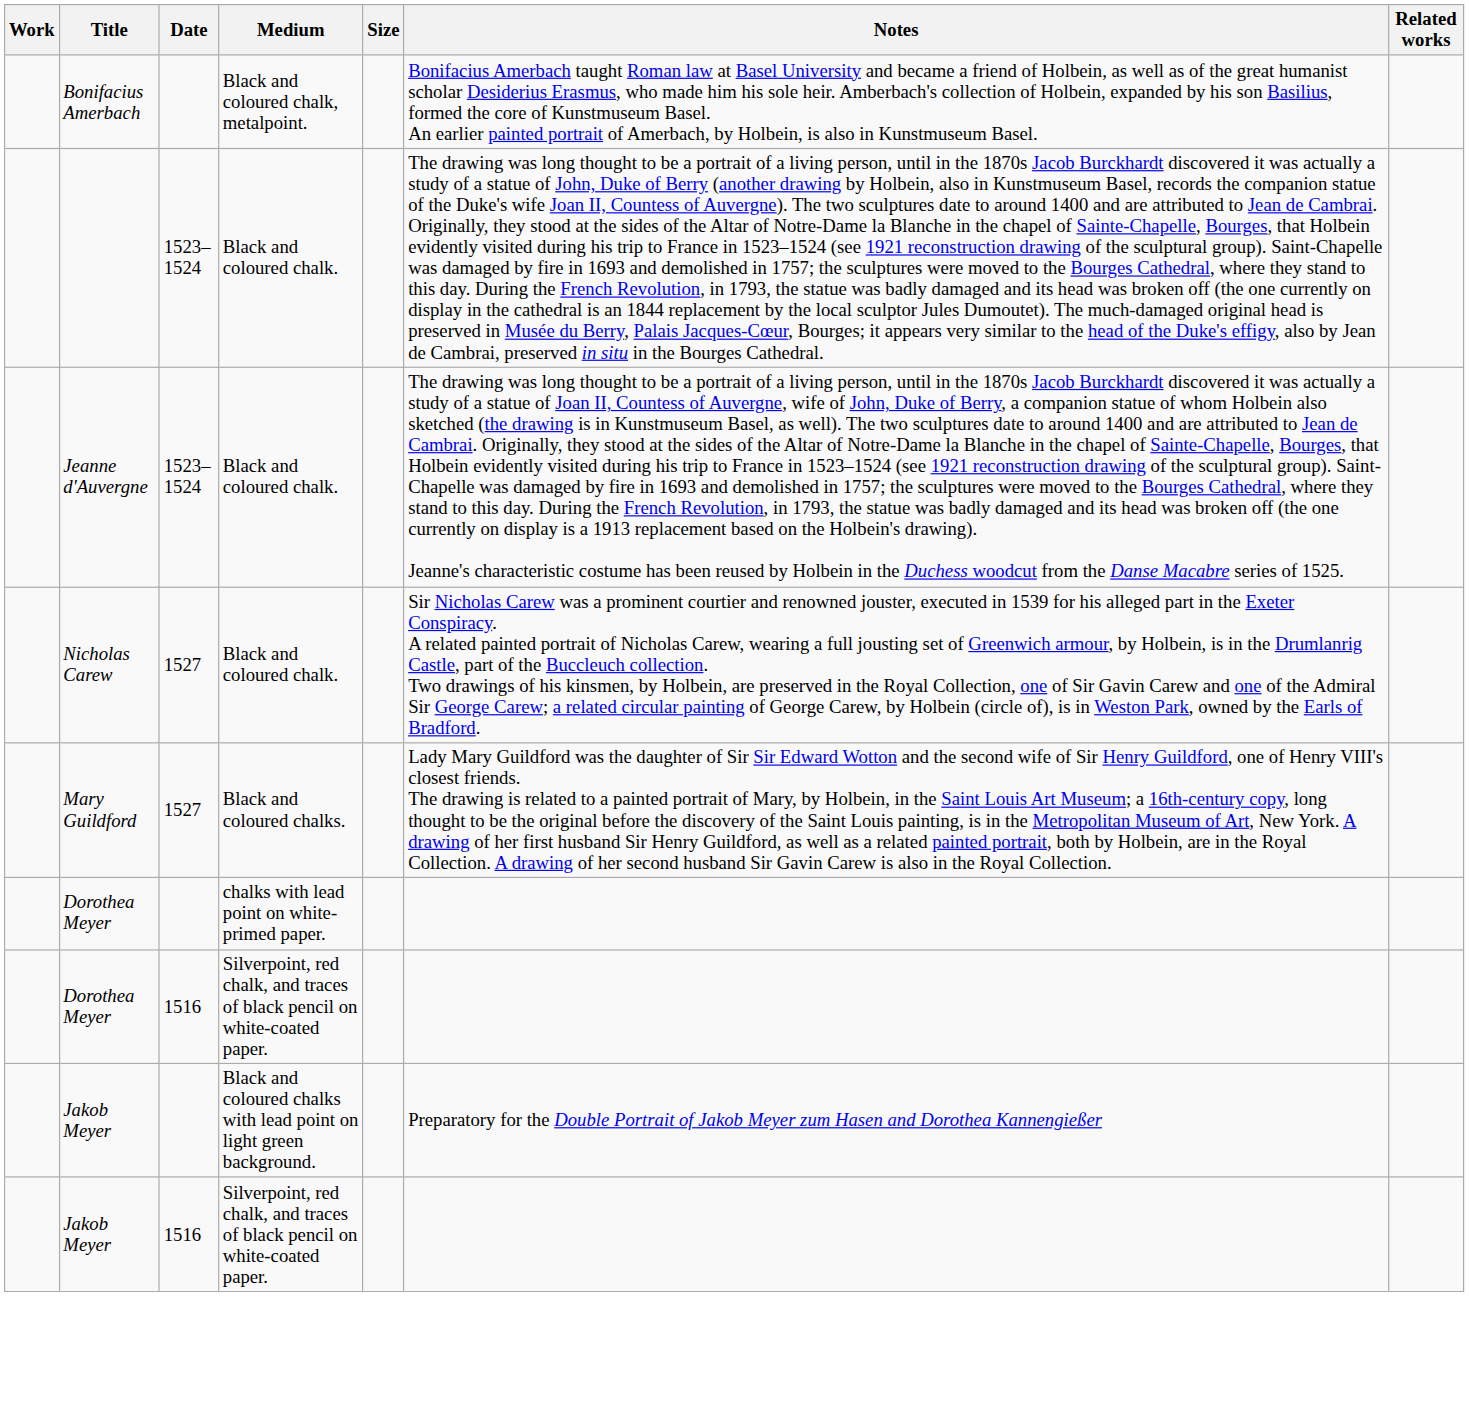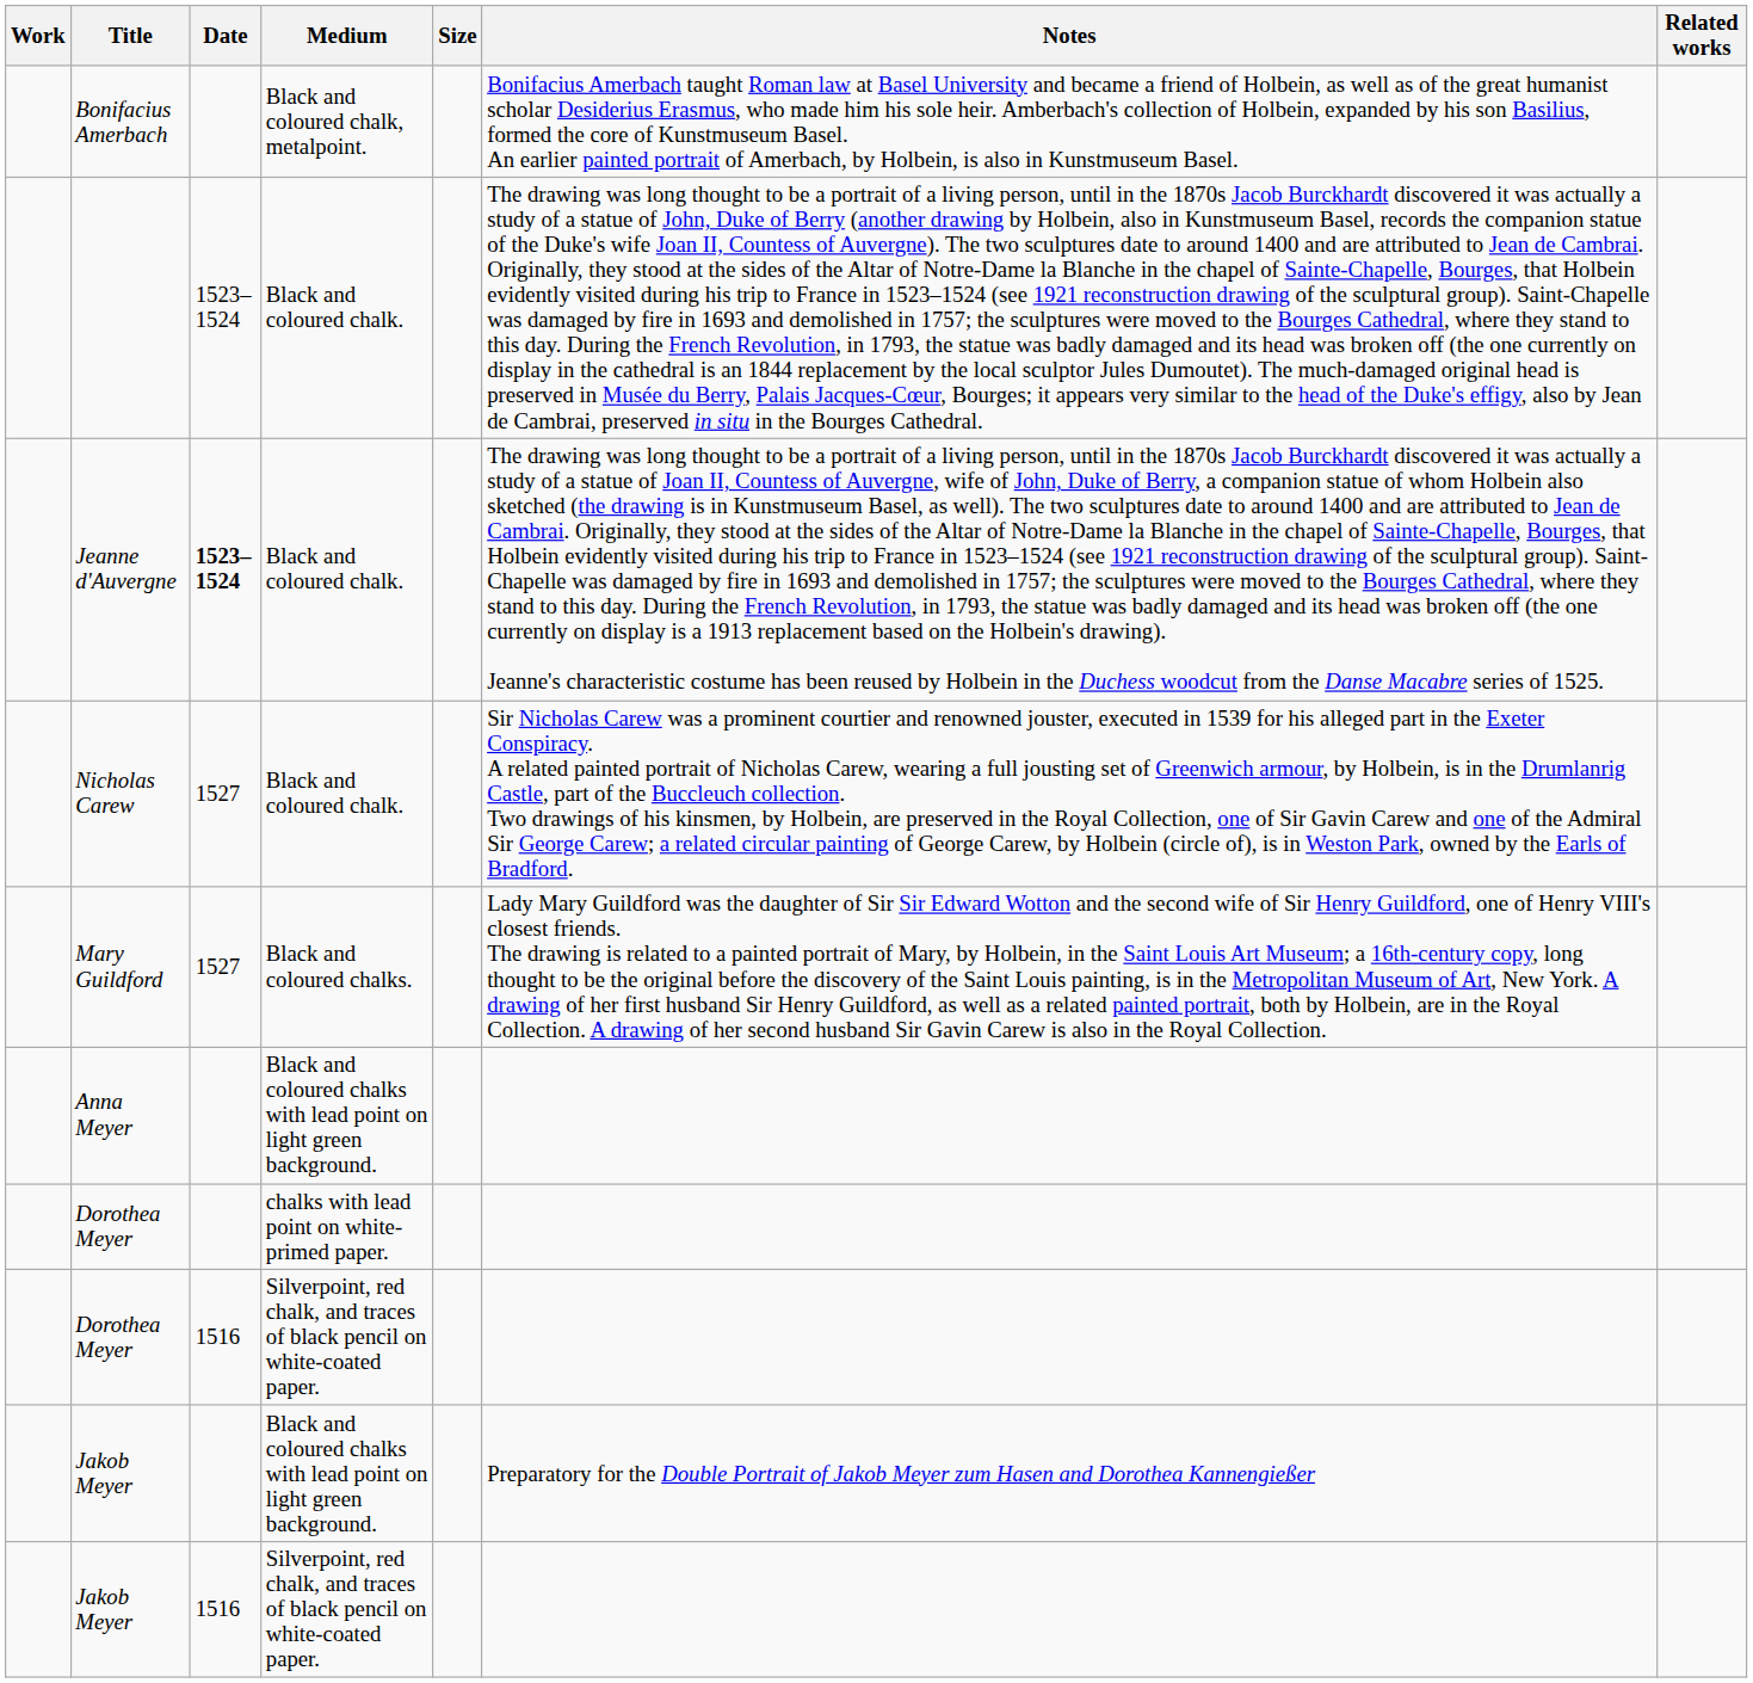 <table class="wikitable" border="1">
 <tr>
 <th>Work</th>
 <th>Title</th>
 <th>Date</th>
 <th>Medium</th>
 <th>Size</th>
 <th>Notes</th>
 <th>Related works</th>
 </tr>
 <tr>
 <td></td>
 <td><em>Bonifacius Amerbach</em></td>
 <td></td>
 <td>Black and coloured chalk, metalpoint.</td>
 <td></td>
 <td><a href='#'>Bonifacius Amerbach</a> taught <a href='#'>Roman law</a> at <a href='#'>Basel University</a> and became a friend of Holbein, as well as of the great humanist scholar <a href='#'>Desiderius Erasmus</a>, who made him his sole heir. Amberbach's collection of Holbein, expanded by his son <a href='#'>Basilius</a>, formed the core of Kunstmuseum Basel.<br>An earlier <a href='#'>painted portrait</a> of Amerbach, by Holbein, is also in Kunstmuseum Basel.</td>
 <td></td>
 </tr>
 <tr>
 <td></td>
 <td></td>
 <td>1523–1524</td>
 <td>Black and coloured chalk.</td>
 <td></td>
 <td>The drawing was long thought to be a portrait of a living person, until in the 1870s <a href='#'>Jacob Burckhardt</a> discovered it was actually a study of a statue of <a href='#'>John, Duke of Berry</a> (<a href='#'>another drawing</a> by Holbein, also in Kunstmuseum Basel, records the companion statue of the Duke's wife <a href='#'>Joan II, Countess of Auvergne</a>). The two sculptures date to around 1400 and are attributed to <a href='#'>Jean de Cambrai</a>. Originally, they stood at the sides of the Altar of Notre-Dame la Blanche in the chapel of <a href='#'>Sainte-Chapelle</a>, <a href='#'>Bourges</a>, that Holbein evidently visited during his trip to France in 1523–1524 (see <a href='#'>1921 reconstruction drawing</a> of the sculptural group). Saint-Chapelle was damaged by fire in 1693 and demolished in 1757; the sculptures were moved to the <a href='#'>Bourges Cathedral</a>, where they stand to this day. During the <a href='#'>French Revolution</a>, in 1793, the statue was badly damaged and its head was broken off (the one currently on display in the cathedral is an 1844 replacement by the local sculptor Jules Dumoutet). The much-damaged original head is preserved in <a href='#'>Musée du Berry</a>, <a href='#'>Palais Jacques-Cœur</a>, Bourges; it appears very similar to the <a href='#'>head of the Duke's effigy</a>, also by Jean de Cambrai, preserved <em><a href='#'>in situ</a></em> in the Bourges Cathedral.</td>
 <td></td>
 </tr>
 <tr>
 <td></td>
 <td><em>Jeanne d'Auvergne</em></td>
-<td>1523–1524</td>
+<td><strong>1523–1524</strong></td>
 <td>Black and coloured chalk.</td>
 <td></td>
 <td>The drawing was long thought to be a portrait of a living person, until in the 1870s <a href='#'>Jacob Burckhardt</a> discovered it was actually a study of a statue of <a href='#'>Joan II, Countess of Auvergne</a>, wife of <a href='#'>John, Duke of Berry</a>, a companion statue of whom Holbein also sketched (<a href='#'>the drawing</a> is in Kunstmuseum Basel, as well). The two sculptures date to around 1400 and are attributed to <a href='#'>Jean de Cambrai</a>. Originally, they stood at the sides of the Altar of Notre-Dame la Blanche in the chapel of <a href='#'>Sainte-Chapelle</a>, <a href='#'>Bourges</a>, that Holbein evidently visited during his trip to France in 1523–1524 (see <a href='#'>1921 reconstruction drawing</a> of the sculptural group). Saint-Chapelle was damaged by fire in 1693 and demolished in 1757; the sculptures were moved to the <a href='#'>Bourges Cathedral</a>, where they stand to this day. During the <a href='#'>French Revolution</a>, in 1793, the statue was badly damaged and its head was broken off (the one currently on display is a 1913 replacement based on the Holbein's drawing).<br><br>Jeanne's characteristic costume has been reused by Holbein in the <a href='#'><em>Duchess</em> woodcut</a> from the <em><a href='#'>Danse Macabre</a></em> series of 1525.</td>
 <td><br></td>
 </tr>
 <tr>
 <td></td>
 <td><em>Nicholas Carew</em></td>
 <td>1527</td>
 <td>Black and coloured chalk.</td>
 <td></td>
 <td>Sir <a href='#'>Nicholas Carew</a> was a prominent courtier and renowned jouster, executed in 1539 for his alleged part in the <a href='#'>Exeter Conspiracy</a>.<br>A related painted portrait of Nicholas Carew, wearing a full jousting set of <a href='#'>Greenwich armour</a>, by Holbein, is in the <a href='#'>Drumlanrig Castle</a>, part of the <a href='#'>Buccleuch collection</a>.<br> Two drawings of his kinsmen, by Holbein, are preserved in the Royal Collection, <a href='#'>one</a> of Sir Gavin Carew and <a href='#'>one</a> of the Admiral Sir <a href='#'>George Carew</a>; <a href='#'>a related circular painting</a> of George Carew, by Holbein (circle of), is in <a href='#'>Weston Park</a>, owned by the <a href='#'>Earls of Bradford</a>.</td>
 <td></td>
 </tr>
 <tr>
 <td></td>
 <td><em>Mary Guildford</em></td>
 <td>1527</td>
 <td>Black and coloured chalks.</td>
 <td></td>
 <td>Lady Mary Guildford was the daughter of Sir <a href='#'>Sir Edward Wotton</a> and the second wife of Sir <a href='#'>Henry Guildford</a>, one of Henry VIII's closest friends.<br>The drawing is related to a painted portrait of Mary, by Holbein, in the <a href='#'>Saint Louis Art Museum</a>; a <a href='#'>16th-century copy</a>, long thought to be the original before the discovery of the Saint Louis painting, is in the <a href='#'>Metropolitan Museum of Art</a>, New York. <a href='#'>A drawing</a> of her first husband Sir Henry Guildford, as well as a related <a href='#'>painted portrait</a>, both by Holbein, are in the Royal Collection. <a href='#'>A drawing</a> of her second husband Sir Gavin Carew is also in the Royal Collection.</td>
+<td></td>
+</tr>
+<tr>
+<td></td>
+<td><em>Anna Meyer</em></td>
+<td></td>
+<td>Black and coloured chalks with lead point on light green background.</td>
+<td></td>
+<td></td>
 <td></td>
 </tr>
 <tr>
 <td></td>
 <td><em>Dorothea Meyer</em></td>
 <td></td>
 <td> chalks with lead point on white-primed paper.</td>
 <td></td>
 <td></td>
 <td></td>
 </tr>
 <tr>
 <td></td>
 <td><em>Dorothea Meyer</em></td>
 <td>1516</td>
 <td>Silverpoint, red chalk, and traces of black pencil on white-coated paper.</td>
 <td></td>
 <td></td>
 <td></td>
 </tr>
 <tr>
 <td></td>
 <td><em>Jakob Meyer</em></td>
 <td></td>
 <td>Black and coloured chalks with lead point on light green background.</td>
 <td></td>
 <td>Preparatory for the <em><a href='#'>Double Portrait of Jakob Meyer zum Hasen and Dorothea Kannengießer</a></em></td>
 <td></td>
 </tr>
 <tr>
 <td></td>
 <td><em>Jakob Meyer</em></td>
 <td>1516</td>
 <td>Silverpoint, red chalk, and traces of black pencil on white-coated paper.</td>
 <td></td>
 <td></td>
 <td></td>
 </tr>
 </table>
